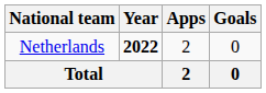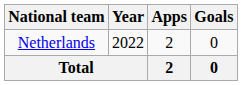 <table class="wikitable" style="text-align: center;">
 <tr>
 <th>National team</th>
 <th>Year</th>
 <th>Apps</th>
 <th>Goals</th>
 </tr>
 <tr>
 <td><a href='#'>Netherlands</a></td>
-<td><strong>2022</strong></td>
+<td>2022</td>
 <td>2</td>
 <td>0</td>
 </tr>
 <tr>
 <th colspan="2">Total</th>
 <th>2</th>
 <th>0</th>
 </tr>
 </table>
